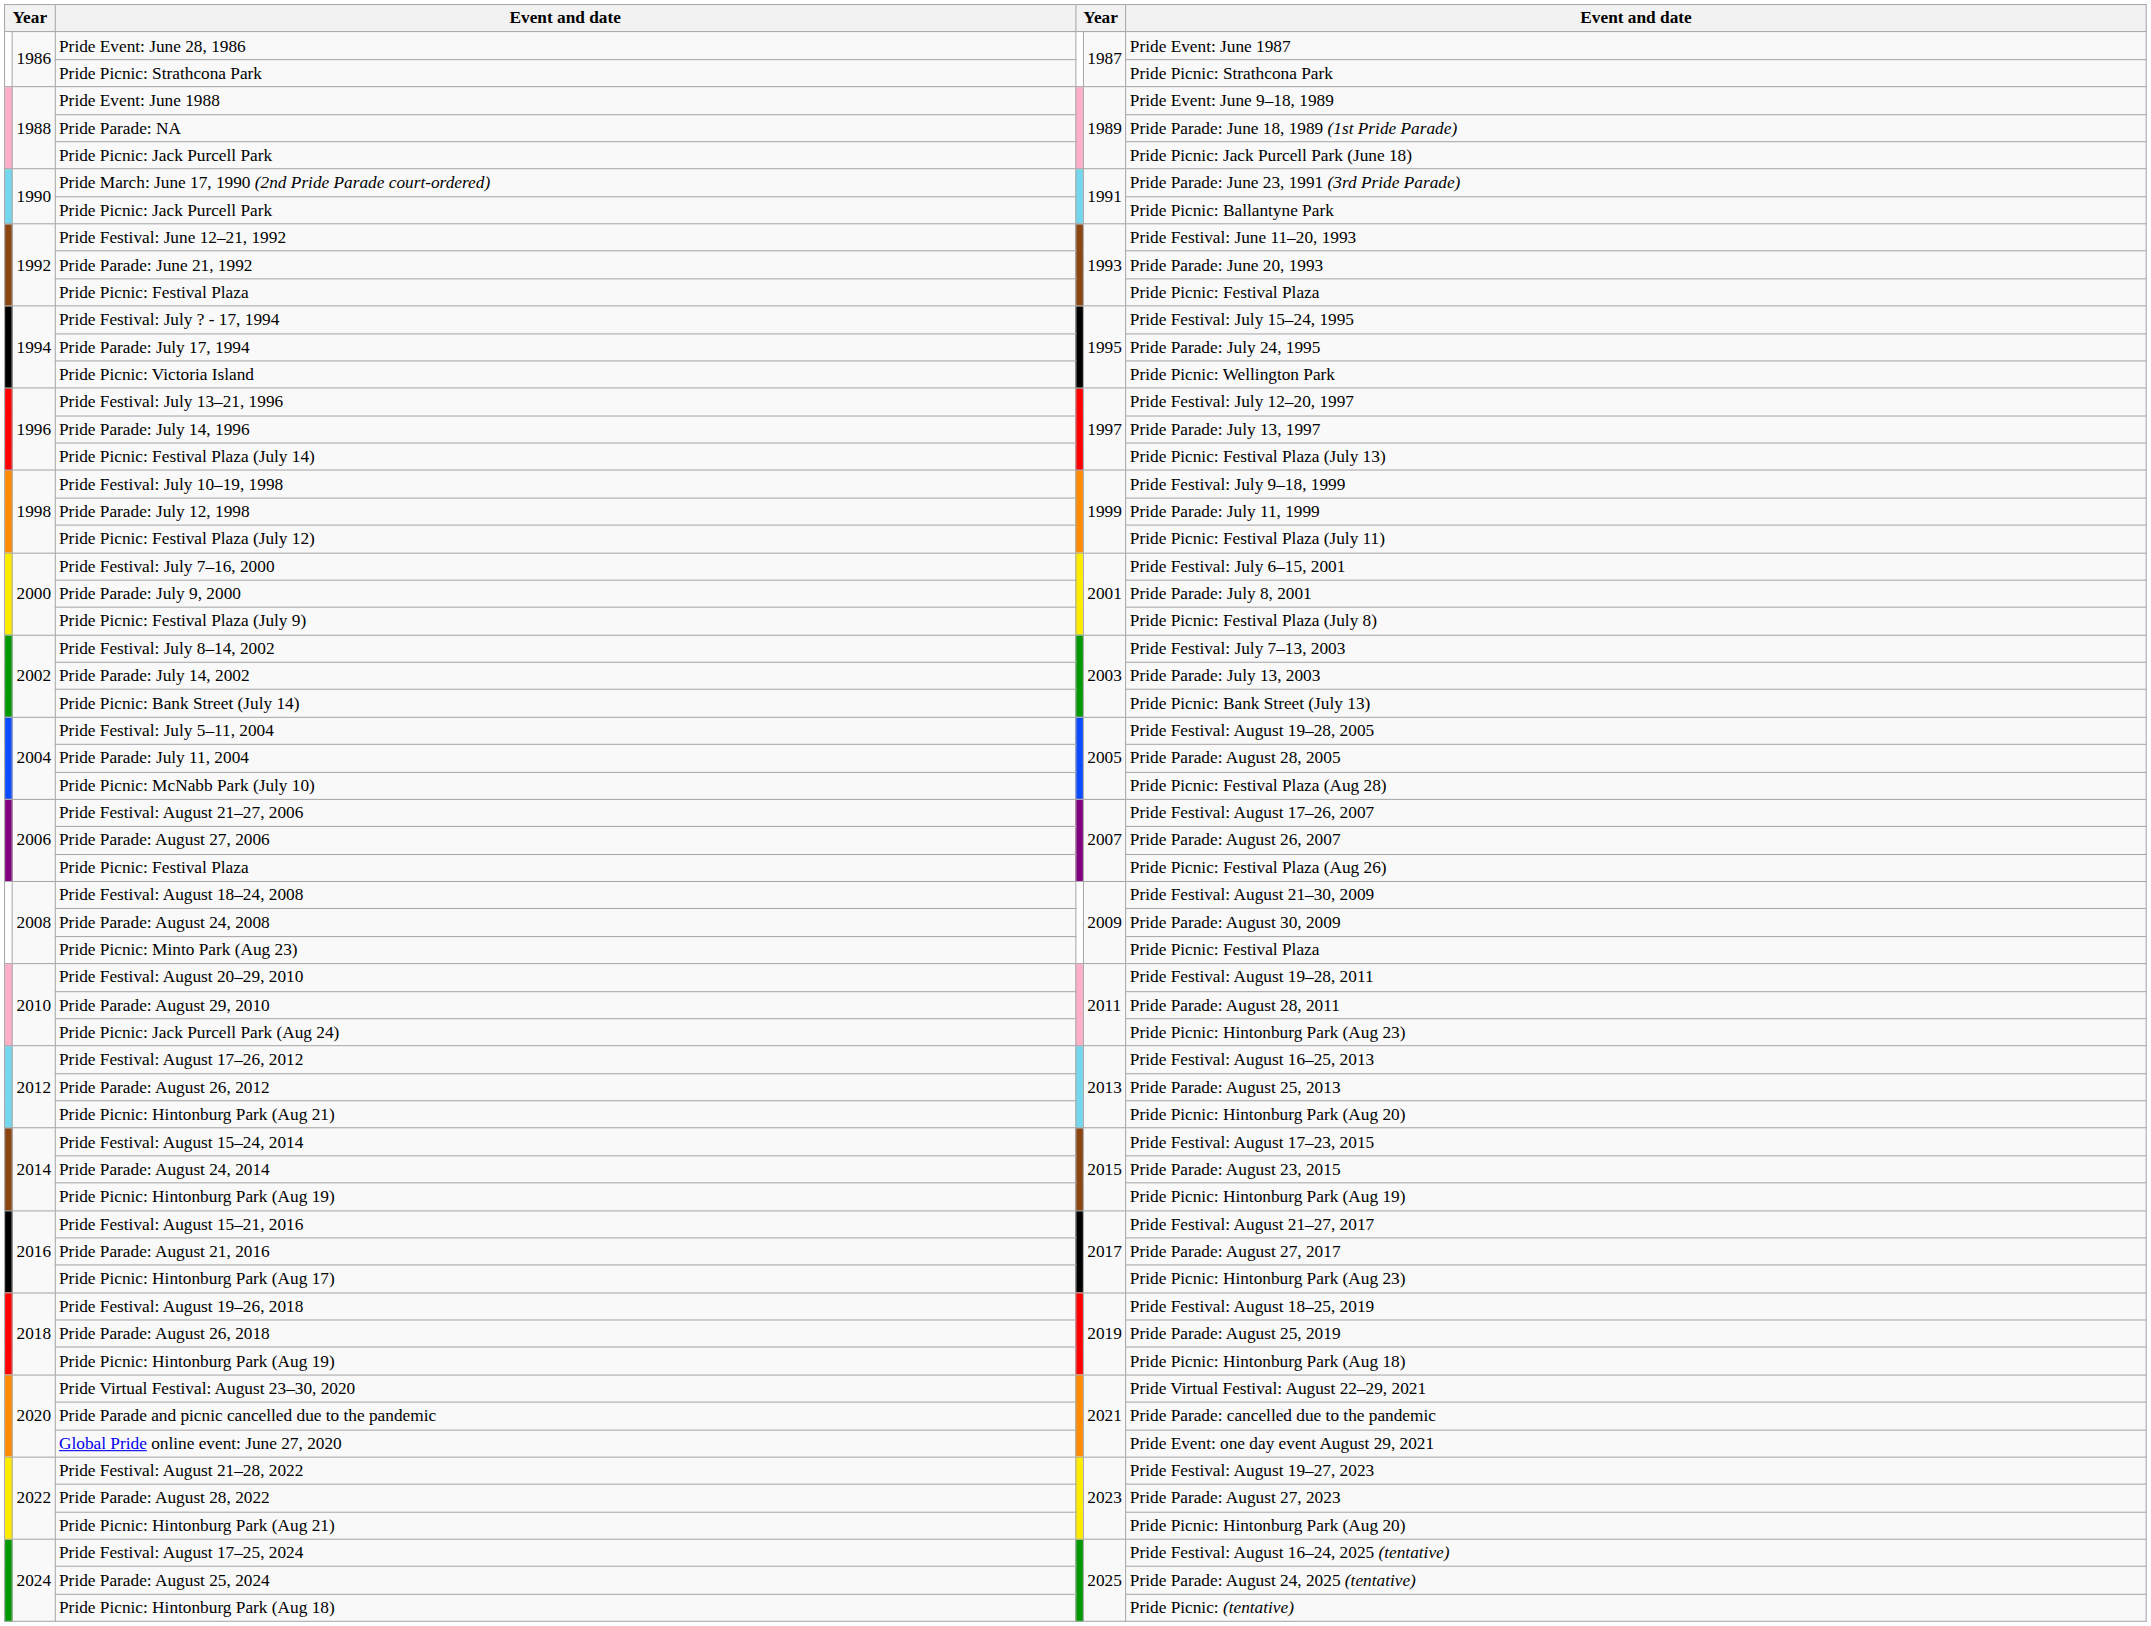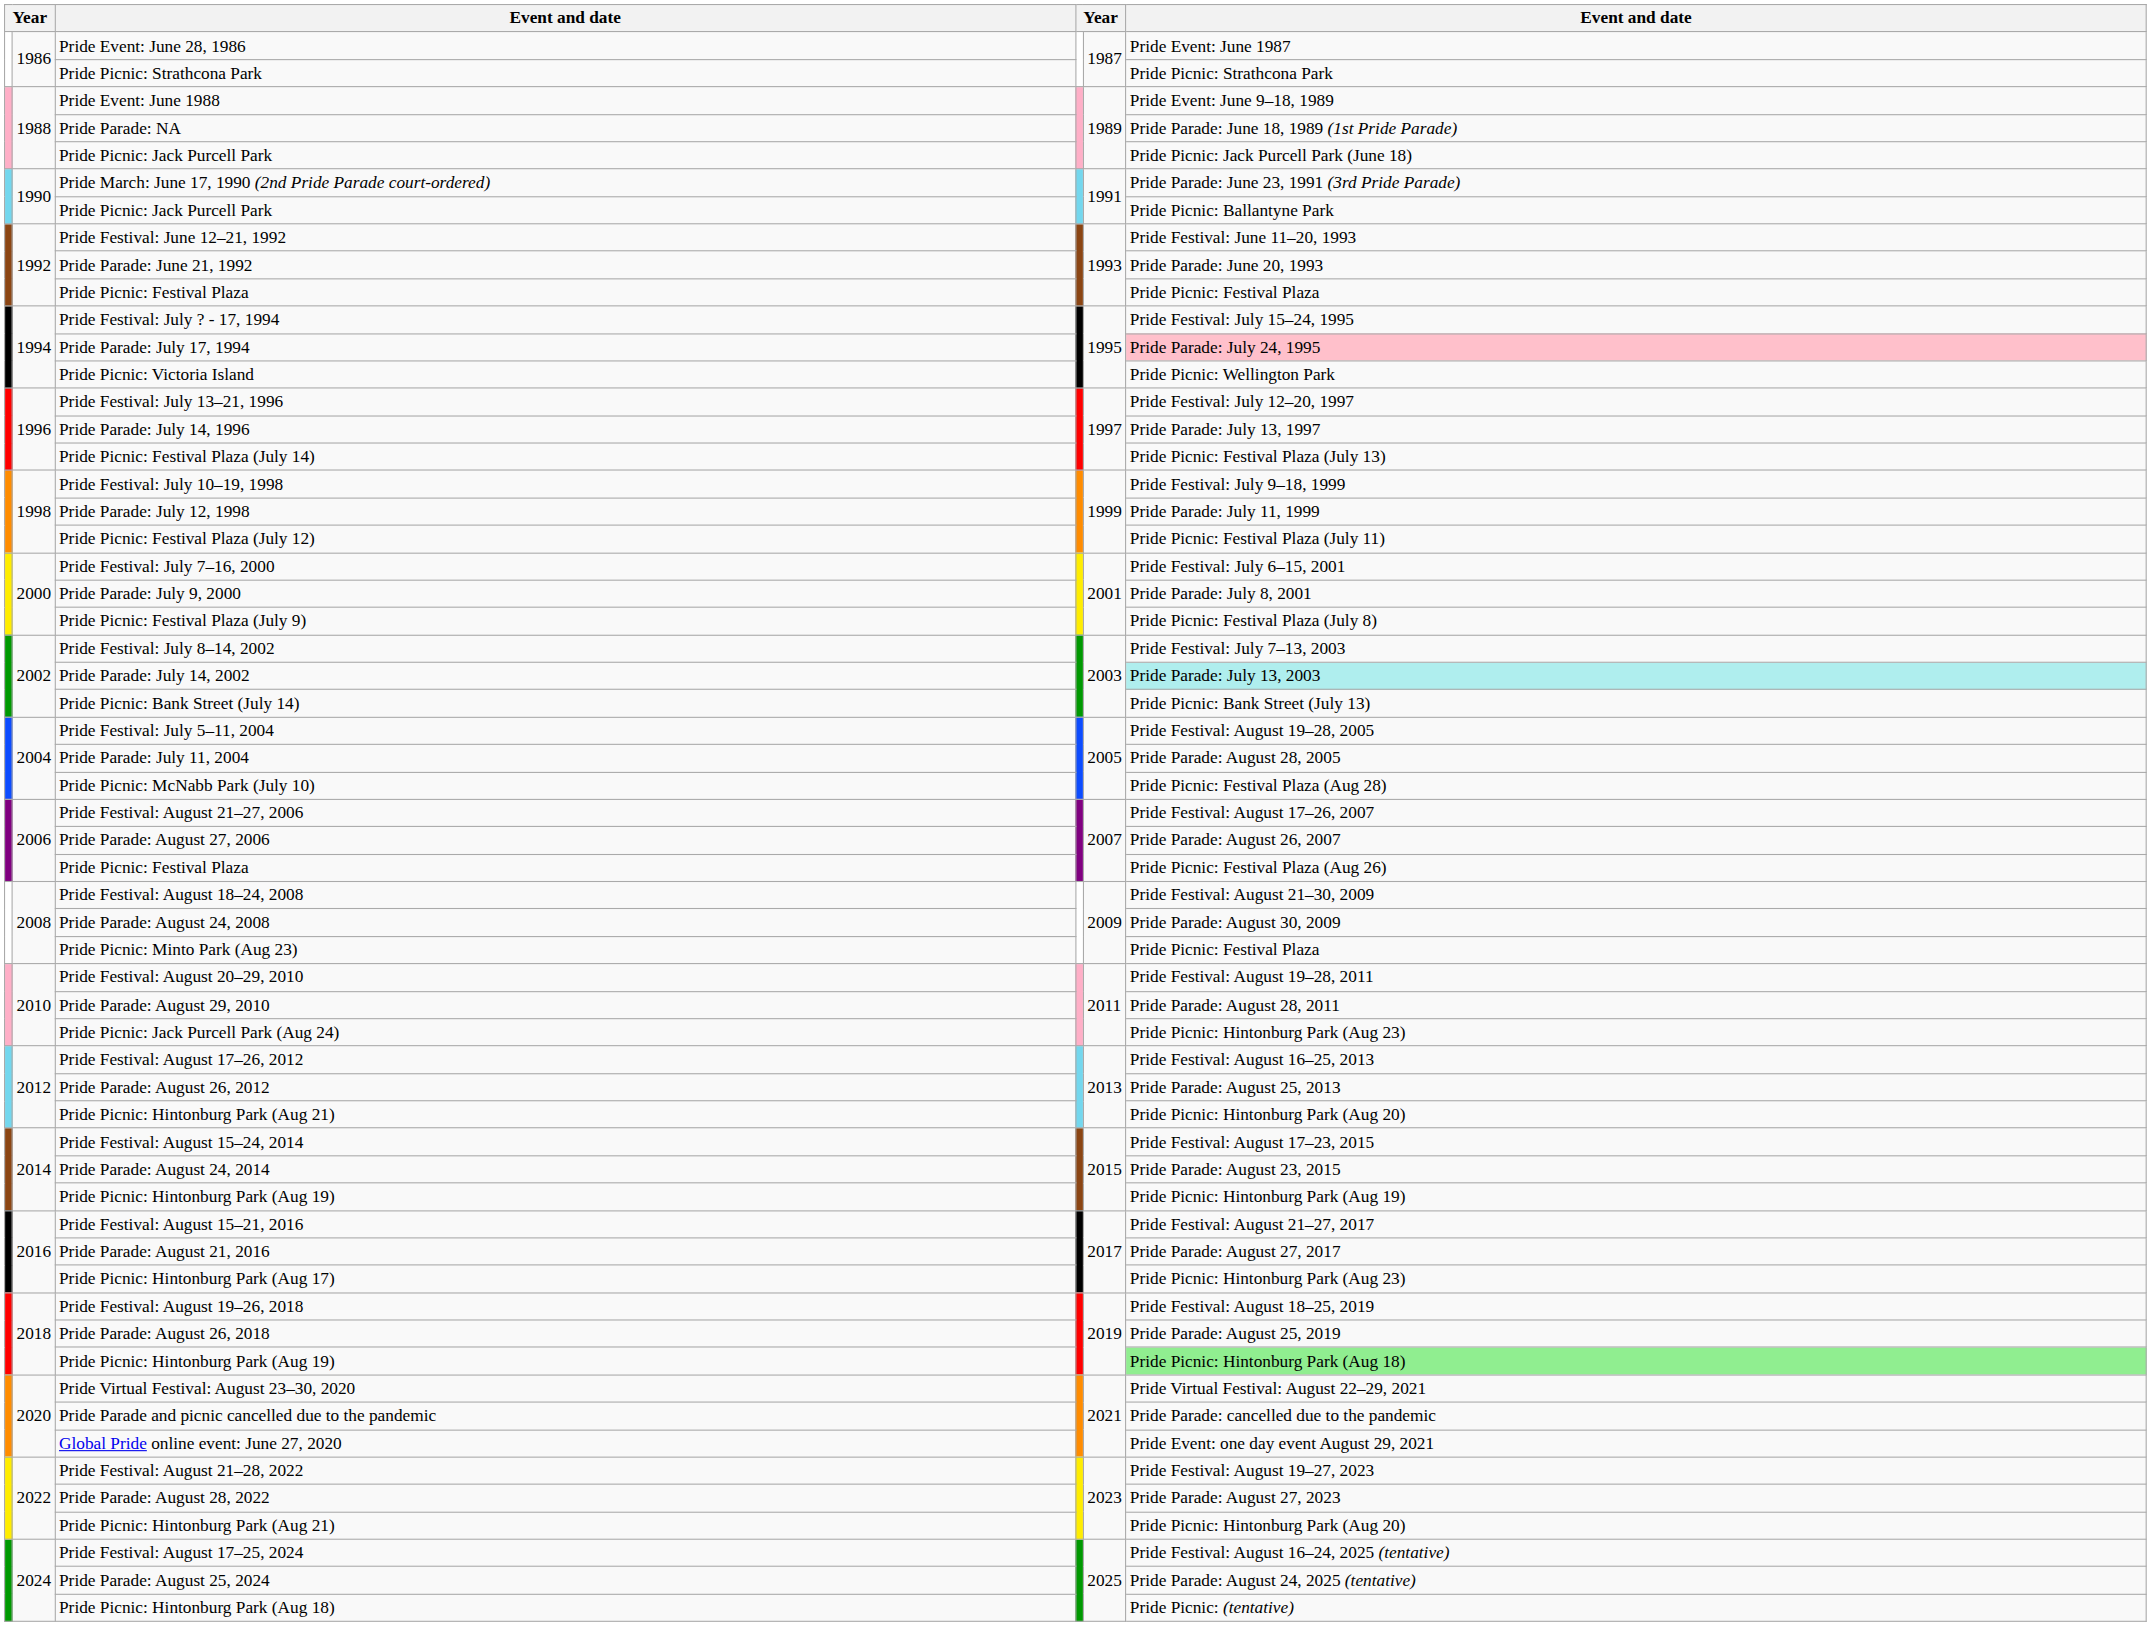 <table class="wikitable" width=100%>
 <tr>
 <th colspan="2">Year</th>
 <th width=50%>Event and date</th>
 <th colspan="2">Year</th>
 <th width=50%>Event and date</th>
 </tr>
 <tr>
 <td rowspan="2" style="background-color:#FFFFFF;"></td>
 <td rowspan="2">1986</td>
 <td>Pride Event: June 28, 1986</td>
 <td rowspan="2" style="background-color:#FFFFFF;"></td>
 <td rowspan="2">1987</td>
 <td>Pride Event: June 1987</td>
 </tr>
 <tr>
 <td>Pride Picnic: Strathcona Park</td>
 <td>Pride Picnic: Strathcona Park</td>
 </tr>
 <tr>
 <td rowspan="3" style="background-color:#FFAFC7;"></td>
 <td rowspan="3">1988</td>
 <td>Pride Event: June 1988</td>
 <td rowspan="3" style="background-color:#FFAFC7;"></td>
 <td rowspan="3">1989</td>
 <td>Pride Event: June 9–18, 1989</td>
 </tr>
 <tr>
 <td>Pride Parade: NA</td>
 <td>Pride Parade: June 18, 1989 <em>(1st Pride Parade)</em></td>
 </tr>
 <tr>
 <td>Pride Picnic: Jack Purcell Park</td>
 <td>Pride Picnic: Jack Purcell Park (June 18)</td>
 </tr>
 <tr>
 <td rowspan="2" style="background-color:#73D7EE;"></td>
 <td rowspan="2">1990</td>
 <td>Pride March: June 17, 1990 <em>(2nd Pride Parade court-ordered)</em></td>
 <td rowspan="2" style="background-color:#73D7EE;"></td>
 <td rowspan="2">1991</td>
 <td>Pride Parade: June 23, 1991 <em>(3rd Pride Parade)</em>       </td>
 </tr>
 <tr>
 <td>Pride Picnic: Jack Purcell Park</td>
 <td>Pride Picnic: Ballantyne Park</td>
 </tr>
 <tr>
 <td rowspan="3" style="background-color:#8B4513;"></td>
 <td rowspan="3">1992</td>
 <td>Pride Festival: June 12–21, 1992</td>
 <td rowspan="3" style="background-color:#8B4513;"></td>
 <td rowspan="3">1993</td>
 <td>Pride Festival: June 11–20, 1993</td>
 </tr>
 <tr>
 <td>Pride Parade: June 21, 1992</td>
 <td>Pride Parade: June 20, 1993</td>
 </tr>
 <tr>
 <td>Pride Picnic: Festival Plaza</td>
 <td>Pride Picnic: Festival Plaza</td>
 </tr>
 <tr>
 <td rowspan="3" style="background-color:#000000;"></td>
 <td rowspan="3">1994</td>
 <td>Pride Festival: July ? - 17, 1994</td>
 <td rowspan="3" style="background-color:#000000;"></td>
 <td rowspan="3">1995</td>
 <td>Pride Festival: July 15–24, 1995</td>
 </tr>
 <tr>
 <td>Pride Parade: July 17, 1994</td>
-<td>Pride Parade: July 24, 1995</td>
+<td style="background: pink;">Pride Parade: July 24, 1995</td>
 </tr>
 <tr>
 <td>Pride Picnic: Victoria Island</td>
 <td>Pride Picnic: Wellington Park</td>
 </tr>
 <tr>
 <td rowspan="3" style="background-color:#FF0000;"></td>
 <td rowspan="3">1996</td>
 <td>Pride Festival: July 13–21, 1996</td>
 <td rowspan="3" style="background-color:#FF0000;"></td>
 <td rowspan="3">1997</td>
 <td>Pride Festival: July 12–20, 1997</td>
 </tr>
 <tr>
 <td>Pride Parade: July 14, 1996</td>
 <td>Pride Parade: July 13, 1997</td>
 </tr>
 <tr>
 <td>Pride Picnic: Festival Plaza (July 14)</td>
 <td>Pride Picnic: Festival Plaza (July 13)</td>
 </tr>
 <tr>
 <td rowspan="3" style="background-color:#FF8C00;"></td>
 <td rowspan="3">1998</td>
 <td>Pride Festival: July 10–19, 1998</td>
 <td rowspan="3" style="background-color:#FF8C00;"></td>
 <td rowspan="3">1999</td>
 <td>Pride Festival: July 9–18, 1999</td>
 </tr>
 <tr>
 <td>Pride Parade: July 12, 1998</td>
 <td>Pride Parade: July 11, 1999</td>
 </tr>
 <tr>
 <td>Pride Picnic: Festival Plaza (July 12)</td>
 <td>Pride Picnic: Festival Plaza (July 11)</td>
 </tr>
 <tr>
 <td rowspan="3" style="background-color:#FFED00;"></td>
 <td rowspan="3">2000</td>
 <td>Pride Festival: July 7–16, 2000</td>
 <td rowspan="3" style="background-color:#FFED00;"></td>
 <td rowspan="3">2001</td>
 <td>Pride Festival: July 6–15, 2001</td>
 </tr>
 <tr>
 <td>Pride Parade: July 9, 2000</td>
 <td>Pride Parade: July 8, 2001</td>
 </tr>
 <tr>
 <td>Pride Picnic: Festival Plaza (July 9)</td>
 <td>Pride Picnic: Festival Plaza (July 8)</td>
 </tr>
 <tr>
 <td rowspan="3" style="background-color:#009901;"></td>
 <td rowspan="3">2002</td>
 <td>Pride Festival: July 8–14, 2002</td>
 <td rowspan="3" style="background-color:#009901;"></td>
 <td rowspan="3">2003</td>
 <td>Pride Festival: July 7–13, 2003</td>
 </tr>
 <tr>
 <td>Pride Parade: July 14, 2002</td>
-<td>Pride Parade: July 13, 2003</td>
+<td style="background: paleturquoise;">Pride Parade: July 13, 2003</td>
 </tr>
 <tr>
 <td>Pride Picnic: Bank Street (July 14)</td>
 <td>Pride Picnic: Bank Street (July 13)</td>
 </tr>
 <tr>
 <td rowspan="3" style="background-color:#0C4CFF;"></td>
 <td rowspan="3">2004</td>
 <td>Pride Festival: July 5–11, 2004</td>
 <td rowspan="3" style="background-color:#0C4CFF;"></td>
 <td rowspan="3">2005</td>
 <td>Pride Festival: August 19–28, 2005</td>
 </tr>
 <tr>
 <td>Pride Parade: July 11, 2004</td>
 <td>Pride Parade: August 28, 2005</td>
 </tr>
 <tr>
 <td>Pride Picnic: McNabb Park (July 10)</td>
 <td>Pride Picnic: Festival Plaza (Aug 28)</td>
 </tr>
 <tr>
 <td rowspan="3" style="background-color:#800080;"></td>
 <td rowspan="3">2006</td>
 <td>Pride Festival: August 21–27, 2006</td>
 <td rowspan="3" style="background-color:#800080;"></td>
 <td rowspan="3">2007</td>
 <td>Pride Festival: August 17–26, 2007</td>
 </tr>
 <tr>
 <td>Pride Parade: August 27, 2006</td>
 <td>Pride Parade: August 26, 2007</td>
 </tr>
 <tr>
 <td>Pride Picnic: Festival Plaza</td>
 <td>Pride Picnic: Festival Plaza (Aug 26)</td>
 </tr>
 <tr>
 <td rowspan="3" style="background-color:#FFFFFF;"></td>
 <td rowspan="3">2008</td>
 <td>Pride Festival: August 18–24, 2008</td>
 <td rowspan="3" style="background-color:#FFFFFF;"></td>
 <td rowspan="3">2009</td>
 <td>Pride Festival: August 21–30, 2009</td>
 </tr>
 <tr>
 <td>Pride Parade: August 24, 2008</td>
 <td>Pride Parade: August 30, 2009</td>
 </tr>
 <tr>
 <td>Pride Picnic: Minto Park (Aug 23)</td>
 <td>Pride Picnic: Festival Plaza</td>
 </tr>
 <tr>
 <td rowspan="3" style="background-color:#FFAFC7;"></td>
 <td rowspan="3">2010</td>
 <td>Pride Festival: August 20–29, 2010</td>
 <td rowspan="3" style="background-color:#FFAFC7;"></td>
 <td rowspan="3">2011</td>
 <td>Pride Festival: August 19–28, 2011</td>
 </tr>
 <tr>
 <td>Pride Parade: August 29, 2010</td>
 <td>Pride Parade: August 28, 2011</td>
 </tr>
 <tr>
 <td>Pride Picnic: Jack Purcell Park (Aug 24)</td>
 <td>Pride Picnic: Hintonburg Park (Aug 23)</td>
 </tr>
 <tr>
 <td rowspan="3" style="background-color:#73D7EE;"></td>
 <td rowspan="3">2012</td>
 <td>Pride Festival: August 17–26, 2012</td>
 <td rowspan="3" style="background-color:#73D7EE;"></td>
 <td rowspan="3">2013</td>
 <td>Pride Festival: August 16–25, 2013</td>
 </tr>
 <tr>
 <td>Pride Parade: August 26, 2012</td>
 <td>Pride Parade: August 25, 2013</td>
 </tr>
 <tr>
 <td>Pride Picnic: Hintonburg Park (Aug 21)</td>
 <td>Pride Picnic: Hintonburg Park (Aug 20)</td>
 </tr>
 <tr>
 <td rowspan="3" style="background-color:#8B4513;"></td>
 <td rowspan="3">2014</td>
 <td>Pride Festival: August 15–24, 2014</td>
 <td rowspan="3" style="background-color:#8B4513;"></td>
 <td rowspan="3">2015</td>
 <td>Pride Festival: August 17–23, 2015</td>
 </tr>
 <tr>
 <td>Pride Parade: August 24, 2014</td>
 <td>Pride Parade: August 23, 2015</td>
 </tr>
 <tr>
 <td>Pride Picnic: Hintonburg Park (Aug 19)</td>
 <td>Pride Picnic: Hintonburg Park (Aug 19)</td>
 </tr>
 <tr>
 <td rowspan="3" style="background-color:#000000;"></td>
 <td rowspan="3">2016</td>
 <td>Pride Festival: August 15–21, 2016</td>
 <td rowspan="3" style="background-color:#000000;"></td>
 <td rowspan="3">2017</td>
 <td>Pride Festival: August 21–27, 2017</td>
 </tr>
 <tr>
 <td>Pride Parade: August 21, 2016</td>
 <td>Pride Parade: August 27, 2017</td>
 </tr>
 <tr>
 <td>Pride Picnic: Hintonburg Park (Aug 17)</td>
 <td>Pride Picnic: Hintonburg Park (Aug 23)</td>
 </tr>
 <tr>
 <td rowspan="3" style="background-color:#FF0000;"></td>
 <td rowspan="3">2018</td>
 <td>Pride Festival: August 19–26, 2018</td>
 <td rowspan="3" style="background-color:#FF0000;"></td>
 <td rowspan="3">2019</td>
 <td>Pride Festival: August 18–25, 2019</td>
 </tr>
 <tr>
 <td>Pride Parade: August 26, 2018</td>
 <td>Pride Parade: August 25, 2019</td>
 </tr>
 <tr>
 <td>Pride Picnic: Hintonburg Park (Aug 19)</td>
-<td>Pride Picnic: Hintonburg Park (Aug 18)</td>
+<td style="background: lightgreen;">Pride Picnic: Hintonburg Park (Aug 18)</td>
 </tr>
 <tr>
 <td rowspan="3" style="background-color:#FF8C00;"></td>
 <td rowspan="3">2020</td>
 <td>Pride Virtual Festival: August 23–30, 2020</td>
 <td rowspan="3" style="background-color:#FF8C00;"></td>
 <td rowspan="3">2021</td>
 <td>Pride Virtual Festival: August 22–29, 2021</td>
 </tr>
 <tr>
 <td>Pride Parade and picnic cancelled due to the pandemic</td>
 <td>Pride Parade: cancelled due to the pandemic</td>
 </tr>
 <tr>
 <td><a href='#'>Global Pride</a> online event: June 27, 2020</td>
 <td>Pride Event: one day event August 29, 2021</td>
 </tr>
 <tr>
 <td rowspan="3" style="background-color:#FFED00;"></td>
 <td rowspan="3">2022</td>
 <td>Pride Festival: August 21–28, 2022</td>
 <td rowspan="3" style="background-color:#FFED00;"></td>
 <td rowspan="3">2023</td>
 <td>Pride Festival: August 19–27, 2023</td>
 </tr>
 <tr>
 <td>Pride Parade: August 28, 2022</td>
 <td>Pride Parade: August 27, 2023</td>
 </tr>
 <tr>
 <td>Pride Picnic: Hintonburg Park (Aug 21)</td>
 <td>Pride Picnic: Hintonburg Park (Aug 20)</td>
 </tr>
 <tr>
 <td rowspan="3" style="background-color:#009901;"></td>
 <td rowspan="3">2024</td>
 <td>Pride Festival: August 17–25, 2024</td>
 <td rowspan="3" style="background-color:#009901;"></td>
 <td rowspan="3">2025</td>
 <td>Pride Festival: August 16–24, 2025 <em>(tentative)</em></td>
 </tr>
 <tr>
 <td>Pride Parade: August 25, 2024</td>
 <td>Pride Parade: August 24, 2025 <em>(tentative)</em></td>
 </tr>
 <tr>
 <td>Pride Picnic: Hintonburg Park (Aug 18)</td>
 <td>Pride Picnic:  <em>(tentative)</em></td>
 </tr>
 </table>
